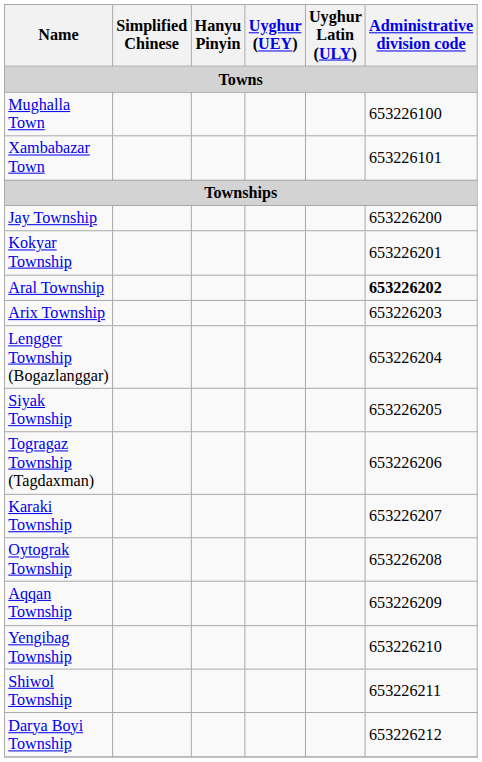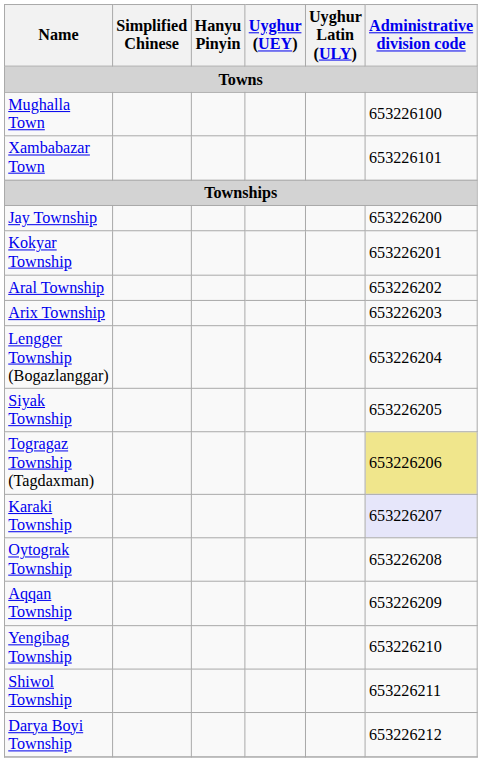 <table class="wikitable" align="center" style="width:50%; border="1">
 <tr>
 <th>Name</th>
 <th>Simplified Chinese</th>
 <th>Hanyu Pinyin</th>
 <th><a href='#'>Uyghur</a> (<a href='#'>UEY</a>)</th>
 <th>Uyghur Latin (<a href='#'>ULY</a>)</th>
 <th><a href='#'>Administrative division code</a></th>
 </tr>
 <tr>
 <td colspan="7"  style="text-align:center; background:#d3d3d3;"><strong>Towns</strong></td>
 </tr>
 <tr --------->
 <td><a href='#'>Mughalla Town</a></td>
 <td></td>
 <td></td>
 <td></td>
 <td></td>
 <td>653226100</td>
 </tr>
 <tr>
 <td><a href='#'>Xambabazar Town</a></td>
 <td></td>
 <td></td>
 <td></td>
 <td></td>
 <td>653226101</td>
 </tr>
 <tr>
 <td colspan="7"  style="text-align:center; background:#d3d3d3;"><strong>Townships</strong></td>
 </tr>
 <tr --------->
 <td><a href='#'>Jay Township</a></td>
 <td></td>
 <td></td>
 <td></td>
 <td></td>
 <td>653226200</td>
 </tr>
 <tr>
 <td><a href='#'>Kokyar Township</a></td>
 <td></td>
 <td></td>
 <td></td>
 <td></td>
 <td>653226201</td>
 </tr>
 <tr>
 <td><a href='#'>Aral Township</a></td>
 <td></td>
 <td></td>
 <td></td>
 <td></td>
-<td><strong>653226202</strong></td>
+<td>653226202</td>
 </tr>
 <tr>
 <td><a href='#'>Arix Township</a></td>
 <td></td>
 <td></td>
 <td></td>
 <td></td>
 <td>653226203</td>
 </tr>
 <tr>
 <td><a href='#'>Lengger Township</a><br>(Bogazlanggar)</td>
 <td></td>
 <td></td>
 <td></td>
 <td></td>
 <td>653226204</td>
 </tr>
 <tr>
 <td><a href='#'>Siyak Township</a></td>
 <td></td>
 <td></td>
 <td></td>
 <td></td>
 <td>653226205</td>
 </tr>
 <tr>
 <td><a href='#'>Togragaz Township</a><br>(Tagdaxman)</td>
 <td></td>
 <td></td>
 <td></td>
 <td></td>
-<td>653226206</td>
+<td style="background: khaki;">653226206</td>
 </tr>
 <tr>
 <td><a href='#'>Karaki Township</a></td>
 <td></td>
 <td></td>
 <td></td>
 <td></td>
-<td>653226207</td>
+<td style="background: lavender;">653226207</td>
 </tr>
 <tr>
 <td><a href='#'>Oytograk Township</a></td>
 <td></td>
 <td></td>
 <td></td>
 <td></td>
 <td>653226208</td>
 </tr>
 <tr>
 <td><a href='#'>Aqqan Township</a></td>
 <td></td>
 <td></td>
 <td></td>
 <td></td>
 <td>653226209</td>
 </tr>
 <tr>
 <td><a href='#'>Yengibag Township</a></td>
 <td></td>
 <td></td>
 <td></td>
 <td></td>
 <td>653226210</td>
 </tr>
 <tr>
 <td><a href='#'>Shiwol Township</a></td>
 <td></td>
 <td></td>
 <td></td>
 <td></td>
 <td>653226211</td>
 </tr>
 <tr>
 <td><a href='#'>Darya Boyi Township</a></td>
 <td></td>
 <td></td>
 <td></td>
 <td></td>
 <td>653226212</td>
 </tr>
 <tr>
 </tr>
 </table>
